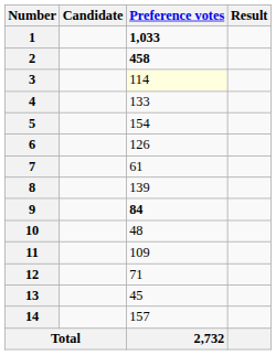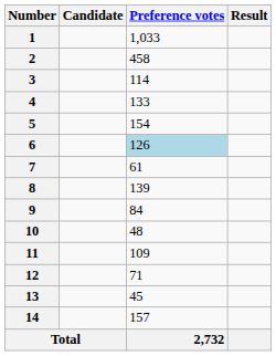 <table class="wikitable sortable" >
 <tr>
 <th scope="col">Number</th>
 <th scope="col">Candidate</th>
 <th scope="col"><a href='#'>Preference votes</a></th>
 <th scope="col">Result</th>
 </tr>
 <tr>
 <th scope="row">1</th>
 <td style="text-align:left"></td>
-<td><strong>1,033</strong></td>
+<td>1,033</td>
 <td></td>
 </tr>
 <tr>
 <th scope="row">2</th>
 <td style="text-align:left"></td>
-<td><strong>458</strong></td>
+<td>458</td>
 <td></td>
 </tr>
 <tr>
 <th scope="row">3</th>
 <td style="text-align:left"></td>
-<td style="background: lightyellow;">114</td>
+<td>114</td>
 <td></td>
 </tr>
 <tr>
 <th scope="row">4</th>
 <td style="text-align:left"></td>
 <td>133</td>
 <td></td>
 </tr>
 <tr>
 <th scope="row">5</th>
 <td style="text-align:left"></td>
 <td>154</td>
 <td></td>
 </tr>
 <tr>
 <th scope="row">6</th>
 <td style="text-align:left"></td>
-<td>126</td>
+<td style="background: lightblue;">126</td>
 <td></td>
 </tr>
 <tr>
 <th scope="row">7</th>
 <td style="text-align:left"></td>
 <td>61</td>
 <td></td>
 </tr>
 <tr>
 <th scope="row">8</th>
 <td style="text-align:left"></td>
 <td>139</td>
 <td></td>
 </tr>
 <tr>
 <th scope="row">9</th>
 <td style="text-align:left"></td>
-<td><strong>84</strong></td>
+<td>84</td>
 <td></td>
 </tr>
 <tr>
 <th scope="row">10</th>
 <td style="text-align:left"></td>
 <td>48</td>
 <td></td>
 </tr>
 <tr>
 <th scope="row">11</th>
 <td style="text-align:left"></td>
 <td>109</td>
 <td></td>
 </tr>
 <tr>
 <th scope="row">12</th>
 <td style="text-align:left"></td>
 <td>71</td>
 <td></td>
 </tr>
 <tr>
 <th scope="row">13</th>
 <td style="text-align:left"></td>
 <td>45</td>
 <td></td>
 </tr>
 <tr>
 <th scope="row">14</th>
 <td style="text-align:left"></td>
 <td>157</td>
 <td></td>
 </tr>
 <tr class="sortbottom">
 <th scope="row"  colspan="2">Total</th>
 <th style="text-align:right">2,732</th>
 <th></th>
 </tr>
 </table>
